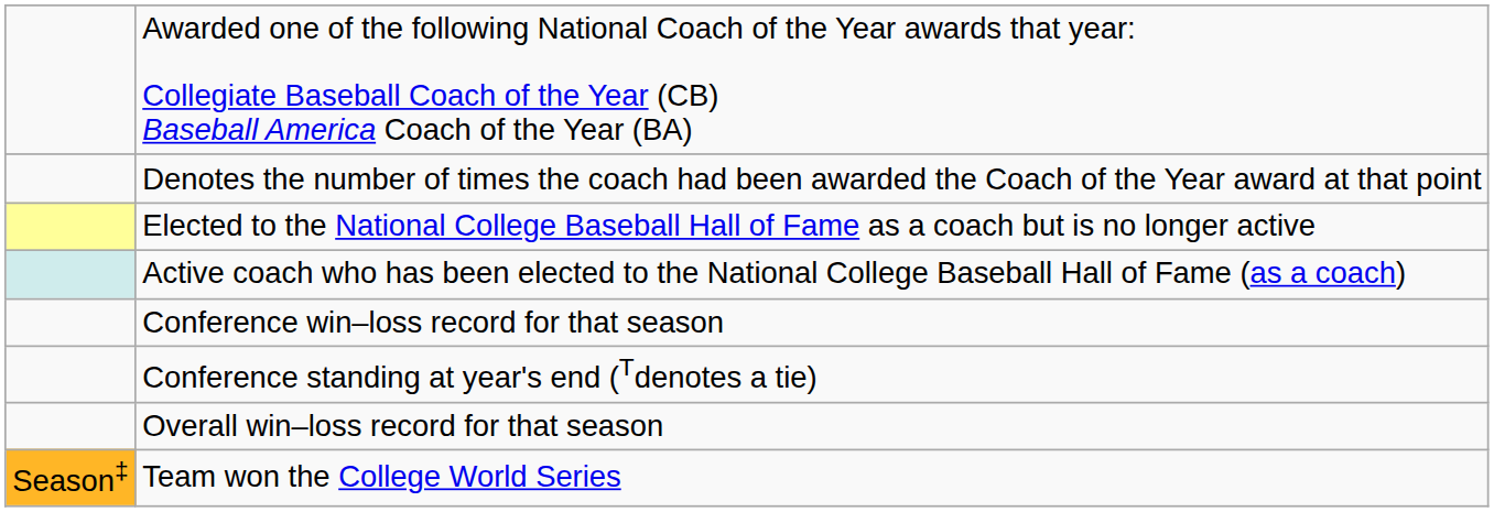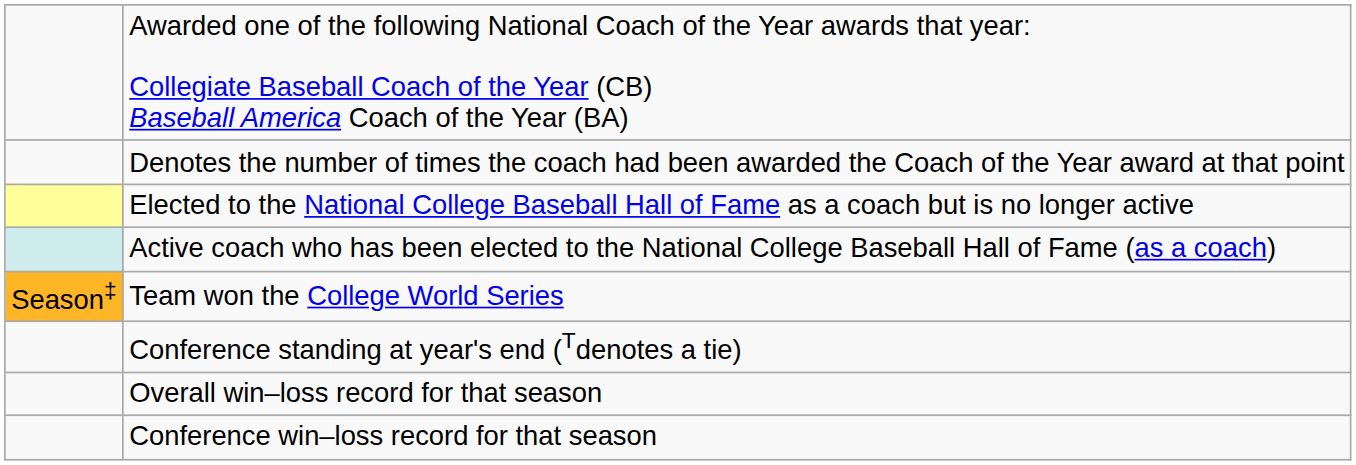 <table class="wikitable">
 <tr>
 <td></td>
 <td>Awarded one of the following National Coach of the Year awards that year:<br><br><a href='#'>Collegiate Baseball Coach of the Year</a> (CB)<br> <em><a href='#'>Baseball America</a></em> Coach of the Year (BA)</td>
 </tr>
 <tr>
 <td></td>
 <td>Denotes the number of times the coach had been awarded the Coach of the Year award at that point</td>
 </tr>
 <tr>
 <td style="background-color:#FFFF99; width:3em"></td>
 <td>Elected to the <a href='#'>National College Baseball Hall of Fame</a> as a coach but is no longer active</td>
 </tr>
 <tr>
 <td style="background-color:#CFECEC; width:3em"></td>
 <td>Active coach who has been elected to the National College Baseball Hall of Fame (<a href='#'>as a coach</a>)</td>
 </tr>
 <tr>
-<td></td>
-<td>Conference win–loss record for that season</td>
+<td style="background-color:#ffb626; width:3em">Season<sup>‡</sup></td>
+<td>Team won the <a href='#'>College World Series</a></td>
 </tr>
 <tr>
 <td></td>
 <td>Conference standing at year's end (<sup>T</sup>denotes a tie)</td>
 </tr>
 <tr>
 <td></td>
 <td>Overall win–loss record for that season</td>
 </tr>
 <tr>
-<td style="background-color:#ffb626; width:3em">Season<sup>‡</sup></td>
-<td>Team won the <a href='#'>College World Series</a></td>
+<td></td>
+<td>Conference win–loss record for that season</td>
 </tr>
 </table>
